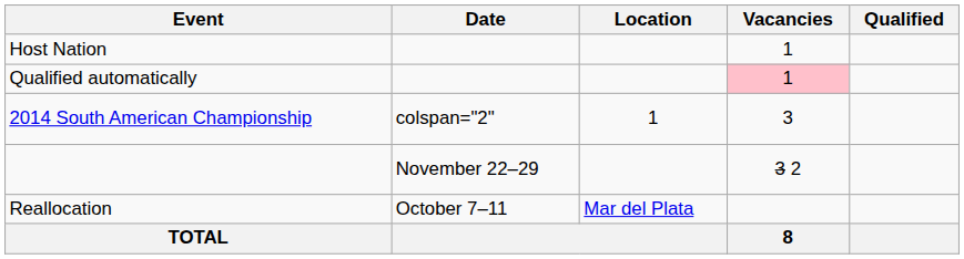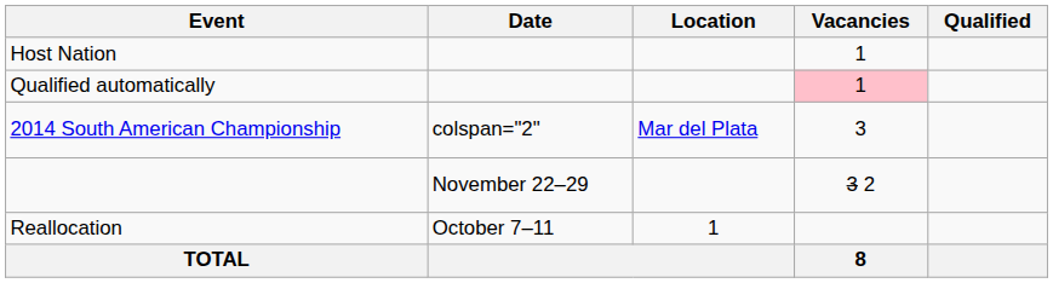 <table class="wikitable" width=820>
 <tr>
 <th>Event</th>
 <th>Date</th>
 <th>Location</th>
 <th>Vacancies</th>
 <th>Qualified</th>
 </tr>
 <tr>
 <td>Host Nation</td>
 <td></td>
 <td></td>
 <td align=center>1</td>
 <td></td>
 </tr>
 <tr>
 <td>Qualified automatically</td>
 <td></td>
 <td></td>
 <td align=center style="background: pink;">1</td>
 <td></td>
 </tr>
 <tr>
 <td><a href='#'>2014 South American Championship</a></td>
 <td>colspan="2" </td>
-<td align=center>1</td>
+<td> <a href='#'>Mar del Plata</a></td>
 <td align=center>3</td>
 <td><br><br></td>
 </tr>
 <tr>
 <td></td>
 <td>November 22–29</td>
 <td></td>
 <td align=center><s>3</s> 2</td>
 <td><br><br><s></s></td>
 </tr>
 <tr>
 <td>Reallocation</td>
 <td>October 7–11</td>
-<td> <a href='#'>Mar del Plata</a></td>
+<td align=center>1</td>
 <td></td>
 </tr>
 <tr>
 <th>TOTAL</th>
 <th colspan="2"></th>
 <th>8</th>
 <th></th>
 </tr>
 </table>
